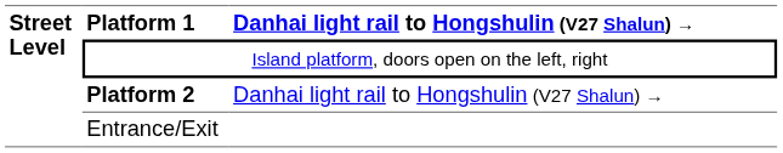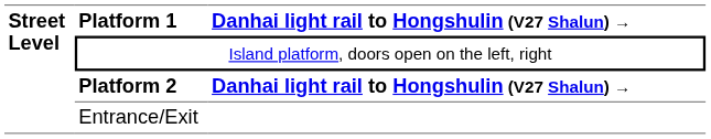 <table table border=0 cellspacing=0 cellpadding=3>
 <tr>
 <td style="border-top:solid 1px gray;border-bottom:solid 1px gray;" width=50 rowspan=10 valign=top><strong>Street Level</strong></td>
 </tr>
 <tr>
 <td style="border-bottom:solid 0px gray;border-top:solid 1px gray;" width=100><strong>Platform 1</strong></td>
 <td style="border-bottom:solid 0px gray;border-top:solid 1px gray;" width=390><strong> <a href='#'>Danhai light rail</a> to <a href='#'>Hongshulin</a><small> (V27 <a href='#'>Shalun</a>) →</small></strong></td>
 </tr>
 <tr>
 <td style="border-top:solid 2px black;border-right:solid 2px black;border-left:solid 2px black;border-bottom:solid 2px black;text-align:center;" colspan=2><small><a href='#'>Island platform</a>, doors open on the left, right</small></td>
 </tr>
 <tr>
 <td style="border-bottom:solid 1px gray;"><strong>Platform 2</strong></td>
-<td style="border-bottom:solid 1px gray;"> <a href='#'>Danhai light rail</a> to <a href='#'>Hongshulin</a><small> (V27 <a href='#'>Shalun</a>) →</small></td>
+<td style="border-bottom:solid 1px gray;"><strong> <a href='#'>Danhai light rail</a> to <a href='#'>Hongshulin</a><small> (V27 <a href='#'>Shalun</a>) →</small></strong></td>
 </tr>
 <tr>
 <td style="border-bottom:solid 1px gray;" width=100 rowspan=2 valign=top>Entrance/Exit</td>
 <td style="border-bottom:solid 1px gray;" width=390 rowspan=2 valign=top></td>
 </tr>
 </table>
